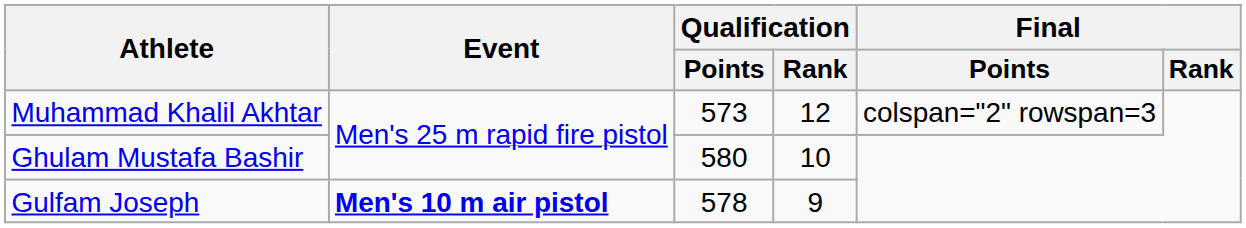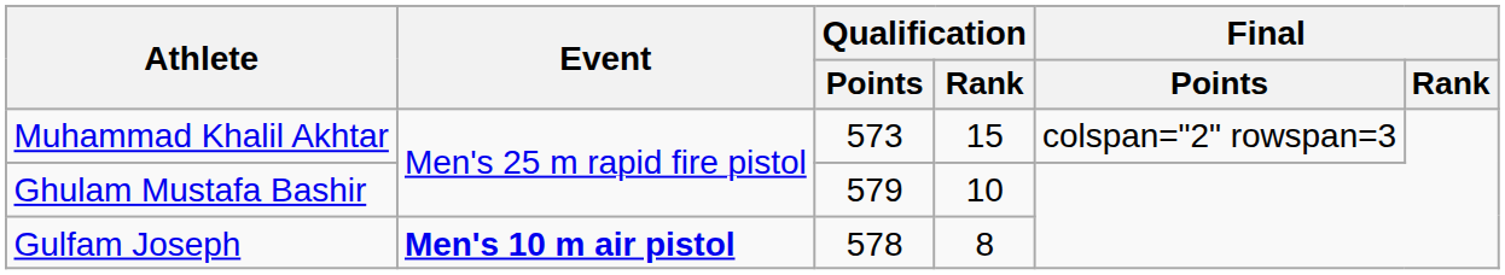 <table class="wikitable" style="font-size:90%">
 <tr>
 <th rowspan="2">Athlete</th>
 <th rowspan="2">Event</th>
 <th colspan=2>Qualification</th>
 <th colspan=2>Final</th>
 </tr>
 <tr style="font-size:95%">
 <th>Points</th>
 <th>Rank</th>
 <th>Points</th>
 <th>Rank</th>
 </tr>
 <tr align=center>
 <td align=left><a href='#'>Muhammad Khalil Akhtar</a></td>
 <td align=left rowspan=2><a href='#'>Men's 25 m rapid fire pistol</a></td>
 <td>573</td>
-<td>12</td>
+<td>15</td>
 <td>colspan="2" rowspan=3 </td>
 </tr>
 <tr align=center>
 <td align=left><a href='#'>Ghulam Mustafa Bashir</a></td>
-<td>580</td>
+<td>579</td>
 <td>10</td>
 </tr>
 <tr align=center>
 <td align=left><a href='#'>Gulfam Joseph</a></td>
 <td align=left><strong><a href='#'>Men's 10 m air pistol</a></strong></td>
 <td>578</td>
-<td>9</td>
+<td>8</td>
 </tr>
 </table>
